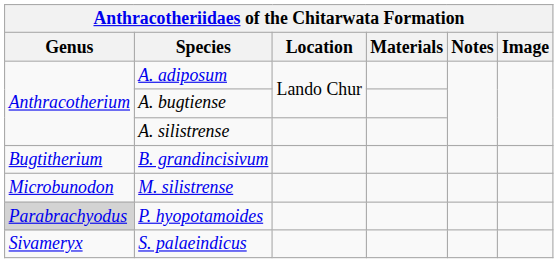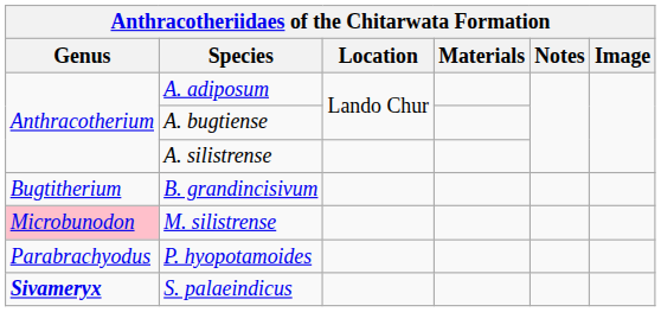 <table class="wikitable">
 <tr>
 <th colspan="7" align="center"><strong><a href='#'>Anthracotheriidaes</a> of the Chitarwata Formation</strong></th>
 </tr>
 <tr>
 <th>Genus</th>
 <th>Species</th>
 <th>Location</th>
 <th>Materials</th>
 <th>Notes</th>
 <th>Image</th>
 </tr>
 <tr>
 <td rowspan = "3"><em><a href='#'>Anthracotherium</a></em></td>
 <td><em><a href='#'>A. adiposum</a></em></td>
 <td Rowspan = 2>Lando Chur</td>
 <td></td>
 <td rowspan =3></td>
 <td rowspan =3></td>
 </tr>
 <tr>
 <td><em>A. bugtiense</em></td>
 <td></td>
 </tr>
 <tr>
 <td><em>A. silistrense</em></td>
 <td></td>
 <td></td>
 </tr>
 <tr>
 <td><em><a href='#'>Bugtitherium</a></em></td>
 <td><em><a href='#'>B. grandincisivum</a></em></td>
 <td></td>
 <td></td>
 <td></td>
 <td></td>
 </tr>
 <tr>
-<td><em><a href='#'>Microbunodon</a></em></td>
+<td style="background: pink;"><em><a href='#'>Microbunodon</a></em></td>
 <td><em><a href='#'>M. silistrense</a></em></td>
 <td></td>
 <td></td>
 <td></td>
 <td></td>
 </tr>
 <tr>
-<td style="background: lightgrey;"><em><a href='#'>Parabrachyodus</a></em></td>
+<td><em><a href='#'>Parabrachyodus</a></em></td>
 <td><em><a href='#'>P. hyopotamoides</a></em></td>
 <td></td>
 <td></td>
 <td></td>
 <td></td>
 </tr>
 <tr>
-<td><em><a href='#'>Sivameryx</a></em></td>
+<td><strong><em><a href='#'>Sivameryx</a></em></strong></td>
 <td><em><a href='#'>S. palaeindicus</a></em></td>
 <td></td>
 <td></td>
 <td></td>
 <td></td>
 </tr>
 </table>
